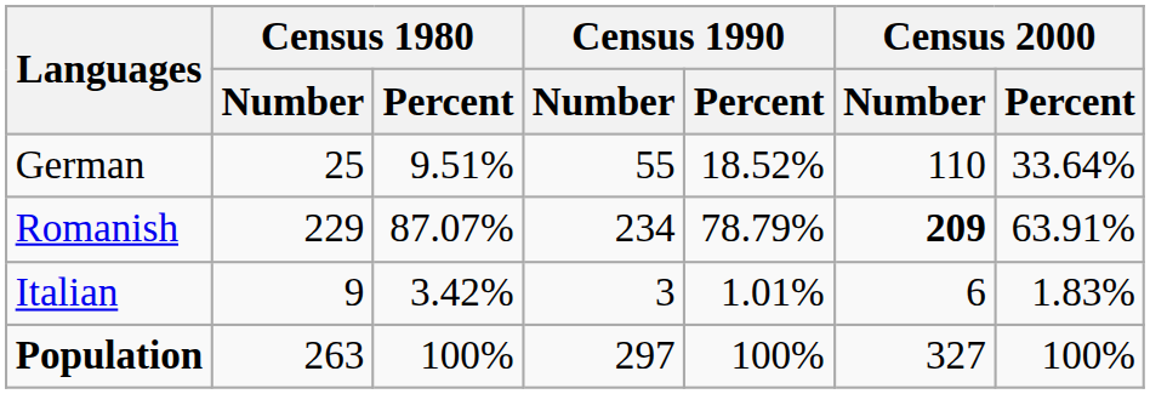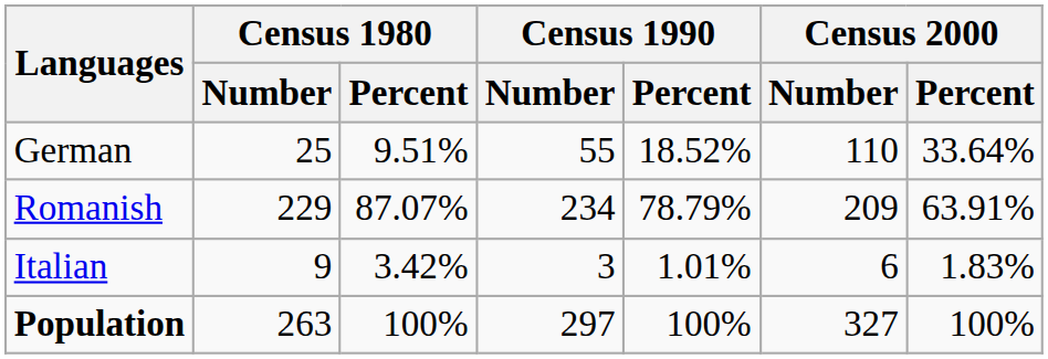 <table class="wikitable">
 <tr>
 <th rowspan="2">Languages</th>
 <th colspan="2">Census 1980</th>
 <th colspan="2">Census 1990</th>
 <th colspan="2">Census 2000</th>
 </tr>
 <tr>
 <th>Number</th>
 <th>Percent</th>
 <th>Number</th>
 <th>Percent</th>
 <th>Number</th>
 <th>Percent</th>
 </tr>
 <tr>
 <td>German</td>
 <td align=right>25</td>
 <td align=right>9.51%</td>
 <td align=right>55</td>
 <td align=right>18.52%</td>
 <td align=right>110</td>
 <td align=right>33.64%</td>
 </tr>
 <tr>
 <td><a href='#'>Romanish</a></td>
 <td align=right>229</td>
 <td align=right>87.07%</td>
 <td align=right>234</td>
 <td align=right>78.79%</td>
-<td align=right><strong>209</strong></td>
+<td align=right>209</td>
 <td align=right>63.91%</td>
 </tr>
 <tr>
 <td><a href='#'>Italian</a></td>
 <td align=right>9</td>
 <td align=right>3.42%</td>
 <td align=right>3</td>
 <td align=right>1.01%</td>
 <td align=right>6</td>
 <td align=right>1.83%</td>
 </tr>
 <tr>
 <td><strong>Population</strong></td>
 <td align=right>263</td>
 <td align=right>100%</td>
 <td align=right>297</td>
 <td align=right>100%</td>
 <td align=right>327</td>
 <td align=right>100%</td>
 </tr>
 </table>
